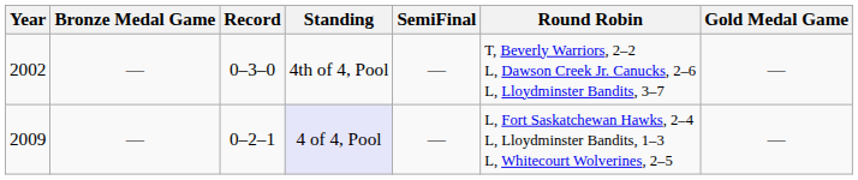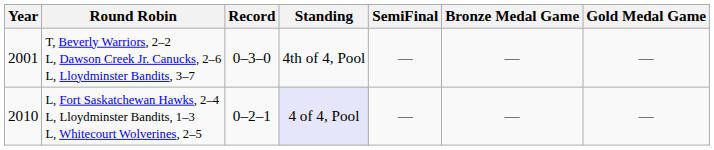 <table class="wikitable" style="text-align:center">
 <tr>
 <th>Year</th>
-<th>Bronze Medal Game</th>
+<th>Round Robin</th>
 <th>Record</th>
 <th>Standing</th>
 <th>SemiFinal</th>
-<th>Round Robin</th>
+<th>Bronze Medal Game</th>
 <th>Gold Medal Game</th>
 </tr>
 <tr>
-<td>2002</td>
-<td>—</td>
+<td>2001</td>
+<td align=left><small>T, <a href='#'>Beverly Warriors</a>, 2–2 <br>L, <a href='#'>Dawson Creek Jr. Canucks</a>, 2–6<br>L, <a href='#'>Lloydminster Bandits</a>, 3–7</small></td>
 <td>0–3–0</td>
 <td>4th of 4, Pool</td>
 <td>—</td>
-<td align=left><small>T, <a href='#'>Beverly Warriors</a>, 2–2 <br>L, <a href='#'>Dawson Creek Jr. Canucks</a>, 2–6<br>L, <a href='#'>Lloydminster Bandits</a>, 3–7</small></td>
+<td>—</td>
 <td>—</td>
 </tr>
 <tr>
-<td>2009</td>
-<td>—</td>
+<td>2010</td>
+<td align=left><small>L, <a href='#'>Fort Saskatchewan Hawks</a>, 2–4<br>L, Lloydminster Bandits, 1–3<br>L, <a href='#'>Whitecourt Wolverines</a>, 2–5</small></td>
 <td>0–2–1</td>
 <td style="background: lavender;">4 of 4, Pool</td>
 <td>—</td>
-<td align=left><small>L, <a href='#'>Fort Saskatchewan Hawks</a>, 2–4<br>L, Lloydminster Bandits, 1–3<br>L, <a href='#'>Whitecourt Wolverines</a>, 2–5</small></td>
+<td>—</td>
 <td>—</td>
 </tr>
 </table>
